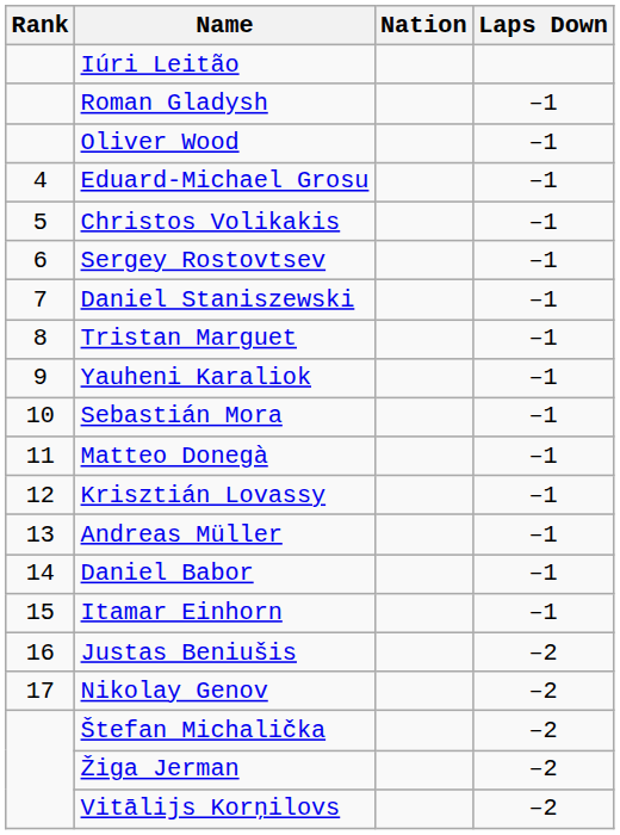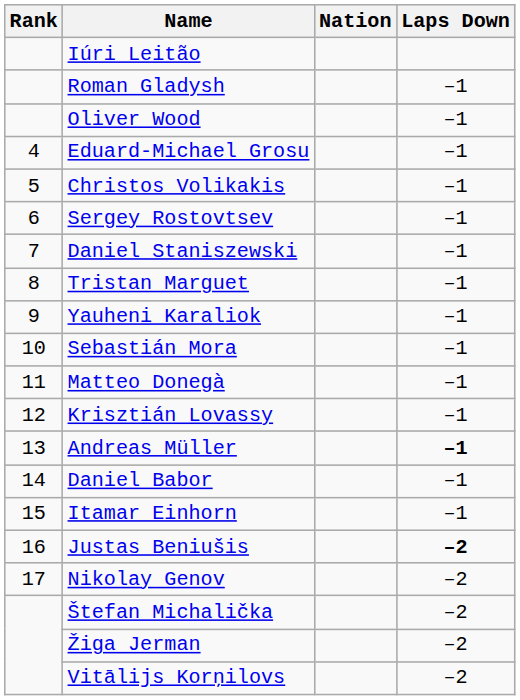 <table class="wikitable sortable" style="text-align:center">
 <tr>
 <th>Rank</th>
 <th>Name</th>
 <th>Nation</th>
 <th>Laps Down</th>
 </tr>
 <tr>
 <td></td>
 <td align=left><a href='#'>Iúri Leitão</a></td>
 <td align=left></td>
 <td></td>
 </tr>
 <tr>
 <td></td>
 <td align=left><a href='#'>Roman Gladysh</a></td>
 <td align=left></td>
 <td>–1</td>
 </tr>
 <tr>
 <td></td>
 <td align=left><a href='#'>Oliver Wood</a></td>
 <td align=left></td>
 <td>–1</td>
 </tr>
 <tr>
 <td>4</td>
 <td align=left><a href='#'>Eduard-Michael Grosu</a></td>
 <td align=left></td>
 <td>–1</td>
 </tr>
 <tr>
 <td>5</td>
 <td align=left><a href='#'>Christos Volikakis</a></td>
 <td align=left></td>
 <td>–1</td>
 </tr>
 <tr>
 <td>6</td>
 <td align=left><a href='#'>Sergey Rostovtsev</a></td>
 <td align=left></td>
 <td>–1</td>
 </tr>
 <tr>
 <td>7</td>
 <td align=left><a href='#'>Daniel Staniszewski</a></td>
 <td align=left></td>
 <td>–1</td>
 </tr>
 <tr>
 <td>8</td>
 <td align=left><a href='#'>Tristan Marguet</a></td>
 <td align=left></td>
 <td>–1</td>
 </tr>
 <tr>
 <td>9</td>
 <td align=left><a href='#'>Yauheni Karaliok</a></td>
 <td align=left></td>
 <td>–1</td>
 </tr>
 <tr>
 <td>10</td>
 <td align=left><a href='#'>Sebastián Mora</a></td>
 <td align=left></td>
 <td>–1</td>
 </tr>
 <tr>
 <td>11</td>
 <td align=left><a href='#'>Matteo Donegà</a></td>
 <td align=left></td>
 <td>–1</td>
 </tr>
 <tr>
 <td>12</td>
 <td align=left><a href='#'>Krisztián Lovassy</a></td>
 <td align=left></td>
 <td>–1</td>
 </tr>
 <tr>
 <td>13</td>
 <td align=left><a href='#'>Andreas Müller</a></td>
 <td align=left></td>
-<td>–1</td>
+<td><strong>–1</strong></td>
 </tr>
 <tr>
 <td>14</td>
 <td align=left><a href='#'>Daniel Babor</a></td>
 <td align=left></td>
 <td>–1</td>
 </tr>
 <tr>
 <td>15</td>
 <td align=left><a href='#'>Itamar Einhorn</a></td>
 <td align=left></td>
 <td>–1</td>
 </tr>
 <tr>
 <td>16</td>
 <td align=left><a href='#'>Justas Beniušis</a></td>
 <td align=left></td>
-<td>–2</td>
+<td><strong>–2</strong></td>
 </tr>
 <tr>
 <td>17</td>
 <td align=left><a href='#'>Nikolay Genov</a></td>
 <td align=left></td>
 <td>–2</td>
 </tr>
 <tr>
 <td rowspan=3></td>
 <td align=left><a href='#'>Štefan Michalička</a></td>
 <td align=left></td>
 <td>–2</td>
 </tr>
 <tr>
 <td align=left><a href='#'>Žiga Jerman</a></td>
 <td align=left></td>
 <td>–2</td>
 </tr>
 <tr>
 <td align=left><a href='#'>Vitālijs Korņilovs</a></td>
 <td align=left></td>
 <td>–2</td>
 </tr>
 </table>
